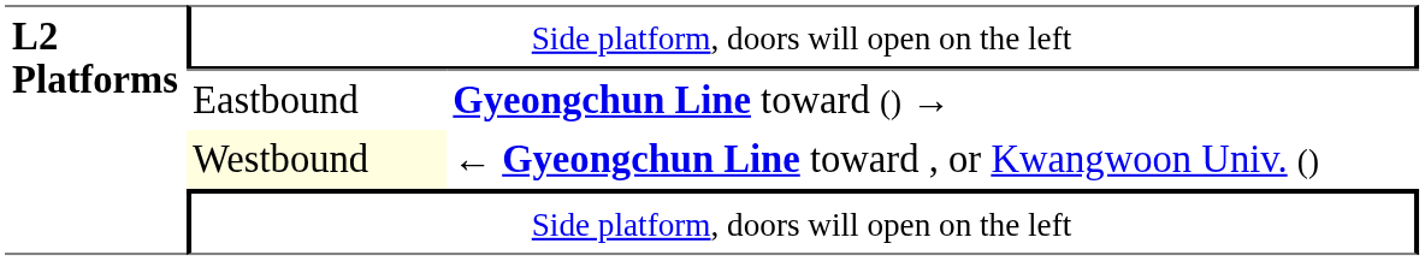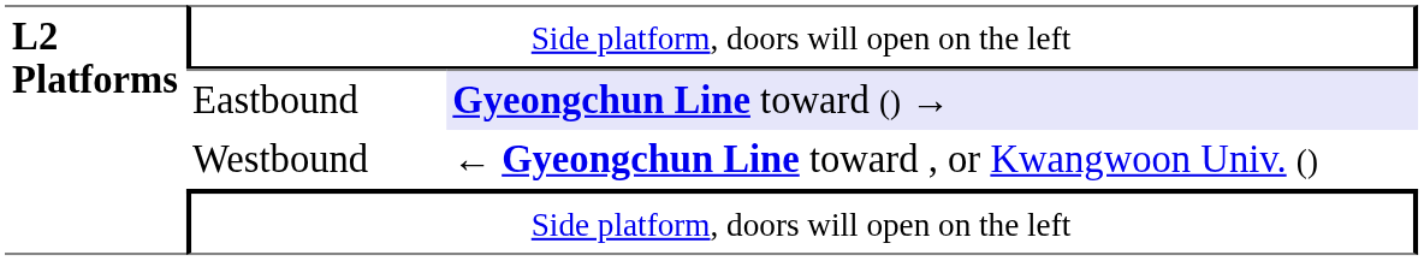 <table table border=0 cellspacing=0 cellpadding=3>
 <tr>
 <td style="border-top:solid 1px gray;border-bottom:solid 1px gray;" width=50 rowspan=10 valign=top><strong>L2<br>Platforms</strong></td>
 <td style="border-top:solid 1px gray;border-right:solid 2px black;border-left:solid 2px black;border-bottom:solid 1px black;text-align:center;" colspan=2><small><a href='#'>Side platform</a>, doors will open on the left</small></td>
 </tr>
 <tr>
 <td style="border-bottom:solid 0px gray;border-top:solid 1px gray;" width=100>Eastbound</td>
-<td style="border-bottom:solid 0px gray;border-top:solid 1px gray;" width=390> <a href='#'><span><strong>Gyeongchun Line</strong></span></a> toward  <small>()</small> →</td>
+<td style="background: lavender; border-bottom:solid 0px gray;border-top:solid 1px gray;" width=390> <a href='#'><span><strong>Gyeongchun Line</strong></span></a> toward  <small>()</small> →</td>
 </tr>
 <tr>
-<td style="background: lightyellow;">Westbound</td>
+<td>Westbound</td>
 <td>← <a href='#'><span><strong>Gyeongchun Line</strong></span></a> toward ,  or <a href='#'>Kwangwoon Univ.</a>  <small>()</small></td>
 </tr>
 <tr>
 <td style="border-top:solid 2px black;border-right:solid 2px black;border-left:solid 2px black;border-bottom:solid 1px gray;text-align:center;" colspan=2><small><a href='#'>Side platform</a>, doors will open on the left</small></td>
 </tr>
 </table>
